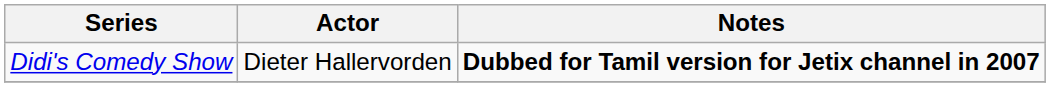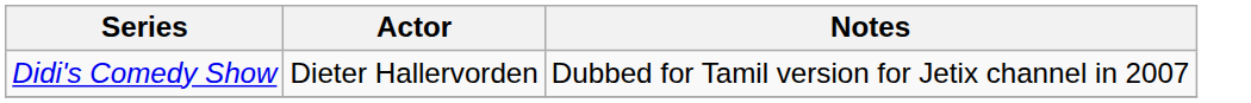 <table class="wikitable">
 <tr>
 <th>Series</th>
 <th>Actor</th>
 <th>Notes</th>
 </tr>
 <tr>
 <td><em><a href='#'>Didi's Comedy Show</a></em></td>
 <td>Dieter Hallervorden</td>
-<td><strong>Dubbed for Tamil version for Jetix channel in 2007</strong></td>
+<td>Dubbed for Tamil version for Jetix channel in 2007</td>
 </tr>
 <tr>
 </tr>
 </table>
